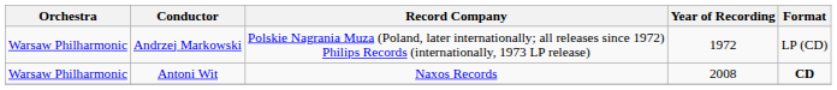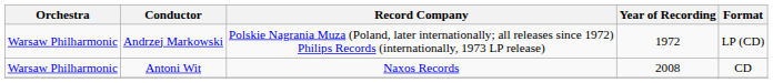 <table class="wikitable">
 <tr>
 <th align="center">Orchestra</th>
 <th align="center">Conductor</th>
 <th align="center">Record Company</th>
 <th align="center">Year of Recording</th>
 <th align="center">Format</th>
 </tr>
 <tr>
 <td align="center"><a href='#'>Warsaw Philharmonic</a></td>
 <td align="center"><a href='#'>Andrzej Markowski</a></td>
 <td align="center"><a href='#'>Polskie Nagrania Muza</a> (Poland, later internationally; all releases since 1972)<br><a href='#'>Philips Records</a> (internationally, 1973 LP release)</td>
 <td align="center">1972</td>
 <td align="center">LP (CD)</td>
 </tr>
 <tr>
 <td align="center"><a href='#'>Warsaw Philharmonic</a></td>
 <td align="center"><a href='#'>Antoni Wit</a></td>
 <td align="center"><a href='#'>Naxos Records</a></td>
 <td align="center">2008</td>
-<td align="center"><strong>CD</strong></td>
+<td align="center">CD</td>
 </tr>
 <tr>
 </tr>
 </table>
